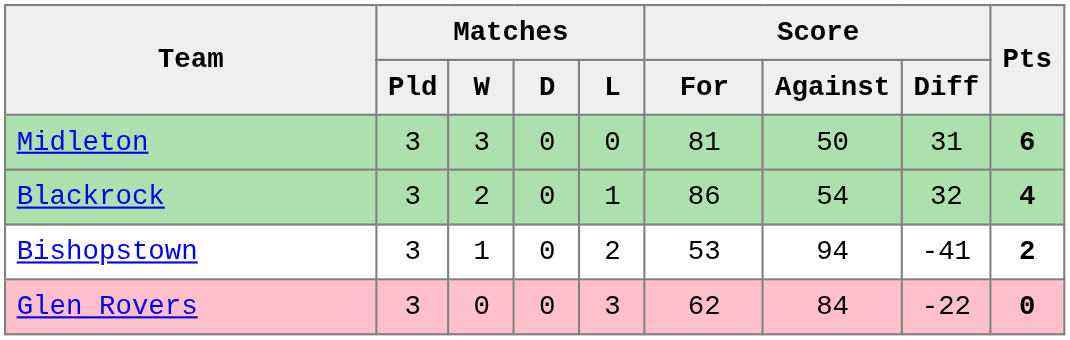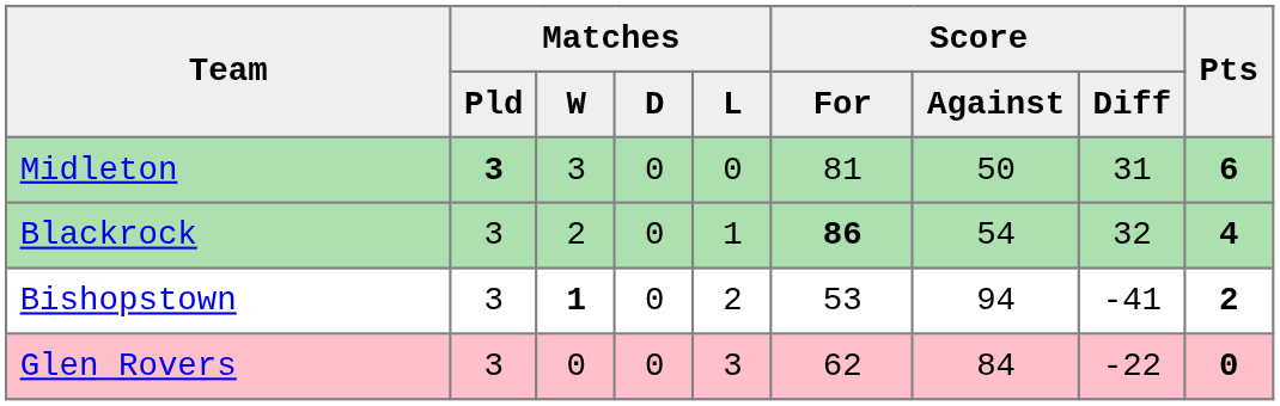 <table style=border-collapse:collapse border=1 cellspacing=0 cellpadding=5>
 <tr align=center bgcolor=#efefef>
 <th rowspan=2 width=165>Team</th>
 <th colspan=4>Matches</th>
 <th colspan=3>Score</th>
 <th rowspan=2width=20>Pts</th>
 </tr>
 <tr align=center bgcolor=#efefef>
 <th width=20>Pld</th>
 <th width=20>W</th>
 <th width=20>D</th>
 <th width=20>L</th>
 <th width=45>For</th>
 <th width=45>Against</th>
 <th width=30>Diff</th>
 </tr>
 <tr align=center style="background:#ACE1AF;">
 <td style="text-align:left;"><a href='#'>Midleton</a></td>
-<td>3</td>
+<td><strong>3</strong></td>
 <td>3</td>
 <td>0</td>
 <td>0</td>
 <td>81</td>
 <td>50</td>
 <td>31</td>
 <td><strong>6</strong></td>
 </tr>
 <tr align=center style="background:#ACE1AF;">
 <td style="text-align:left;"><a href='#'>Blackrock</a></td>
 <td>3</td>
 <td>2</td>
 <td>0</td>
 <td>1</td>
-<td>86</td>
+<td><strong>86</strong></td>
 <td>54</td>
 <td>32</td>
 <td><strong>4</strong></td>
 </tr>
 <tr align=center>
 <td style="text-align:left;"><a href='#'>Bishopstown</a></td>
 <td>3</td>
-<td>1</td>
+<td><strong>1</strong></td>
 <td>0</td>
 <td>2</td>
 <td>53</td>
 <td>94</td>
 <td>-41</td>
 <td><strong>2</strong></td>
 </tr>
 <tr align=center style="background:#FFC0CB;">
 <td style="text-align:left;"><a href='#'>Glen Rovers</a></td>
 <td>3</td>
 <td>0</td>
 <td>0</td>
 <td>3</td>
 <td>62</td>
 <td>84</td>
 <td>-22</td>
 <td><strong>0</strong></td>
 </tr>
 </table>
